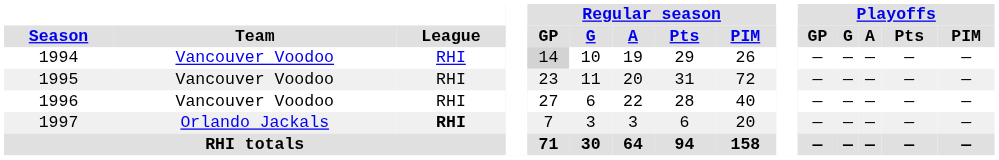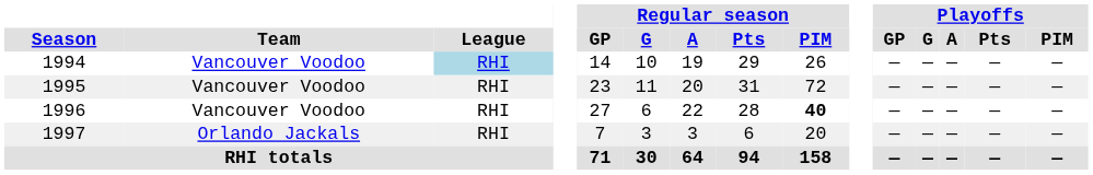 <table border="0" cellpadding="1" cellspacing="0" style="text-align:center; width:60em">
 <tr bgcolor="#e0e0e0">
 <th colspan="3" bgcolor="#ffffff"> </th>
 <th rowspan="99" bgcolor="#ffffff"> </th>
 <th colspan="5"><a href='#'>Regular season</a></th>
 <th rowspan="99" bgcolor="#ffffff"> </th>
 <th colspan="5"><a href='#'>Playoffs</a></th>
 </tr>
 <tr bgcolor="#e0e0e0">
 <th><a href='#'>Season</a></th>
 <th>Team</th>
 <th>League</th>
 <th>GP</th>
 <th><a href='#'>G</a></th>
 <th><a href='#'>A</a></th>
 <th><a href='#'>Pts</a></th>
 <th><a href='#'>PIM</a></th>
 <th>GP</th>
 <th>G</th>
 <th>A</th>
 <th>Pts</th>
 <th>PIM</th>
 </tr>
 <tr ALIGN="center">
 <td>1994</td>
 <td><a href='#'>Vancouver Voodoo</a></td>
-<td><a href='#'>RHI</a></td>
-<td style="background: lightgrey;">14</td>
+<td style="background: lightblue;"><a href='#'>RHI</a></td>
+<td>14</td>
 <td>10</td>
 <td>19</td>
 <td>29</td>
 <td>26</td>
 <td>—</td>
 <td>—</td>
 <td>—</td>
 <td>—</td>
 <td>—</td>
 </tr>
 <tr ALIGN="center"  bgcolor="#f0f0f0">
 <td>1995</td>
 <td>Vancouver Voodoo</td>
 <td>RHI</td>
 <td>23</td>
 <td>11</td>
 <td>20</td>
 <td>31</td>
 <td>72</td>
 <td>—</td>
 <td>—</td>
 <td>—</td>
 <td>—</td>
 <td>—</td>
 </tr>
 <tr ALIGN="center">
 <td>1996</td>
 <td>Vancouver Voodoo</td>
 <td>RHI</td>
 <td>27</td>
 <td>6</td>
 <td>22</td>
 <td>28</td>
-<td>40</td>
+<td><strong>40</strong></td>
 <td>—</td>
 <td>—</td>
 <td>—</td>
 <td>—</td>
 <td>—</td>
 </tr>
 <tr ALIGN="center"  bgcolor="#f0f0f0">
 <td>1997</td>
 <td><a href='#'>Orlando Jackals</a></td>
-<td><strong>RHI</strong></td>
+<td>RHI</td>
 <td>7</td>
 <td>3</td>
 <td>3</td>
 <td>6</td>
 <td>20</td>
 <td>—</td>
 <td>—</td>
 <td>—</td>
 <td>—</td>
 <td>—</td>
 </tr>
 <tr ALIGN="center" bgcolor="#e0e0e0">
 <th colspan="3">RHI totals</th>
 <th>71</th>
 <th>30</th>
 <th>64</th>
 <th>94</th>
 <th>158</th>
 <th>—</th>
 <th>—</th>
 <th>—</th>
 <th>—</th>
 <th>—</th>
 </tr>
 </table>
